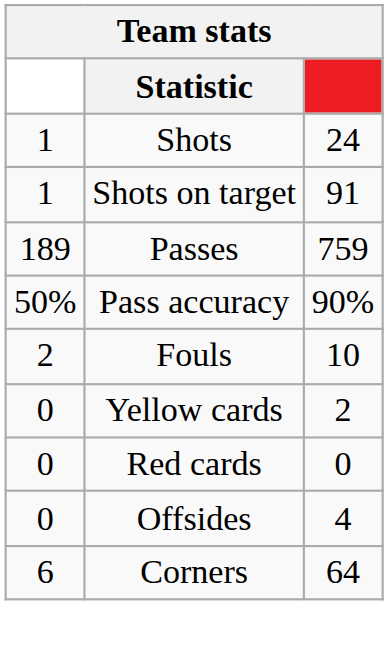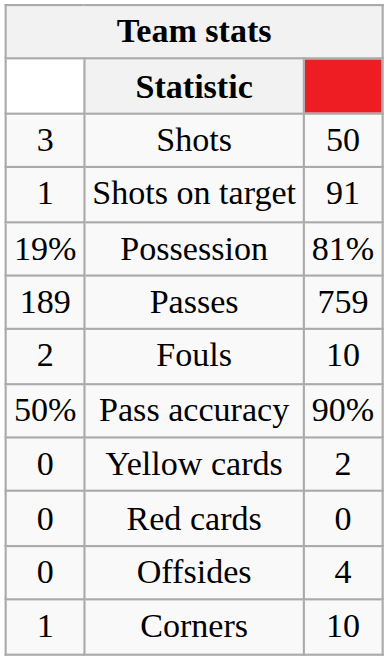 <table class="wikitable" style="margin-left: auto; margin-right: auto; border: none; text-align:center;">
 <tr>
 <th colspan=3>Team stats</th>
 </tr>
 <tr>
 <th style="background: #FFFFFF; color: #239f40;"> <a href='#'></a></th>
 <th>Statistic</th>
 <th style="background: #ee1d24; color: #ffff00;"> <a href='#'></a></th>
 </tr>
 <tr>
-<td>1</td>
+<td>3</td>
 <td>Shots</td>
-<td>24</td>
+<td>50</td>
 </tr>
 <tr>
 <td>1</td>
 <td>Shots on target</td>
 <td>91</td>
 </tr>
 <tr>
+<td>19%</td>
+<td>Possession</td>
+<td>81%</td>
+</tr>
+<tr>
 <td>189</td>
 <td>Passes</td>
 <td>759</td>
 </tr>
 <tr>
+<td>2</td>
+<td>Fouls</td>
+<td>10</td>
+</tr>
+<tr>
 <td>50%</td>
 <td>Pass accuracy</td>
 <td>90%</td>
-</tr>
-<tr>
-<td>2</td>
-<td>Fouls</td>
-<td>10</td>
 </tr>
 <tr>
 <td>0</td>
 <td>Yellow cards</td>
 <td>2</td>
 </tr>
 <tr>
 <td>0</td>
 <td>Red cards</td>
 <td>0</td>
 </tr>
 <tr>
 <td>0</td>
 <td>Offsides</td>
 <td>4</td>
 </tr>
 <tr>
-<td>6</td>
+<td>1</td>
 <td>Corners</td>
-<td>64</td>
+<td>10</td>
 </tr>
 </table>
